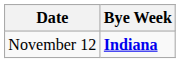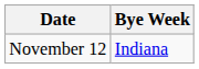 <table class="wikitable" style="font-size:95%;">
 <tr>
 <th>Date</th>
 <th colspan="1">Bye Week</th>
 </tr>
 <tr>
 <td>November 12</td>
-<td><strong><a href='#'>Indiana</a></strong></td>
+<td><a href='#'>Indiana</a></td>
 </tr>
 </table>
